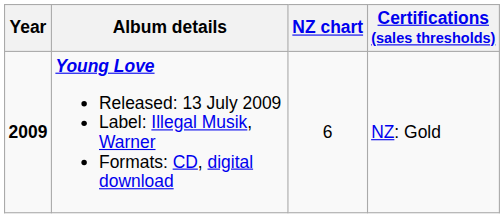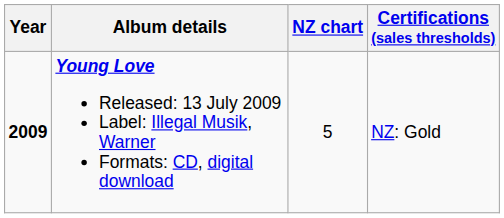 <table class="wikitable" style=text-align:center;>
 <tr>
 <th width="3">Year</th>
 <th style="width:210px;">Album details</th>
 <th><a href='#'>NZ chart</a><br></th>
 <th><a href='#'>Certifications</a><br><small><a href='#'>(sales thresholds)</a></small></th>
 </tr>
 <tr>
 <td><strong>2009</strong></td>
 <td align="left"><strong><em><a href='#'>Young Love</a></em></strong><br><ul><li>Released: 13 July 2009</li><li>Label: <a href='#'>Illegal Musik</a>, <a href='#'>Warner</a></li><li>Formats: <a href='#'>CD</a>, <a href='#'>digital download</a></li></ul></td>
-<td>6</td>
+<td>5</td>
 <td align="left"><a href='#'>NZ</a>: Gold<br></td>
 </tr>
 </table>
